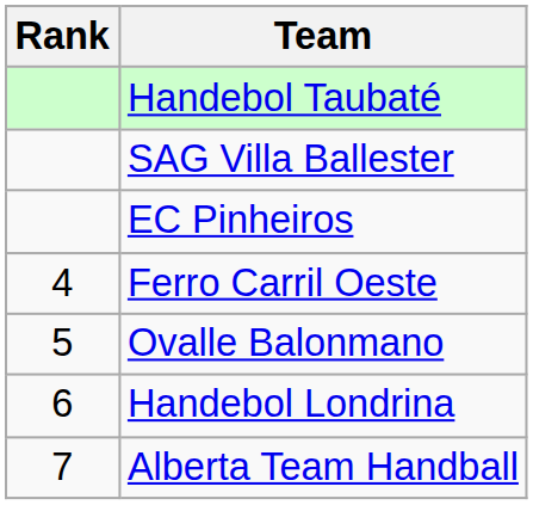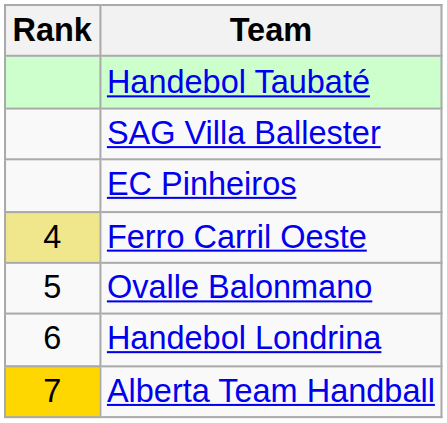 <table class="wikitable">
 <tr>
 <th>Rank</th>
 <th>Team</th>
 </tr>
 <tr bgcolor=ccffcc>
 <td align=center></td>
 <td> <a href='#'>Handebol Taubaté</a></td>
 </tr>
 <tr>
 <td align=center></td>
 <td> <a href='#'>SAG Villa Ballester</a></td>
 </tr>
 <tr>
 <td align=center></td>
 <td> <a href='#'>EC Pinheiros</a></td>
 </tr>
 <tr>
-<td align=center>4</td>
+<td align=center style="background: khaki;">4</td>
 <td> <a href='#'>Ferro Carril Oeste</a></td>
 </tr>
 <tr>
 <td align=center>5</td>
 <td> <a href='#'>Ovalle Balonmano</a></td>
 </tr>
 <tr>
 <td align=center>6</td>
 <td> <a href='#'>Handebol Londrina</a></td>
 </tr>
 <tr>
-<td align=center>7</td>
+<td align=center style="background: gold;">7</td>
 <td> <a href='#'>Alberta Team Handball</a></td>
 </tr>
 </table>
